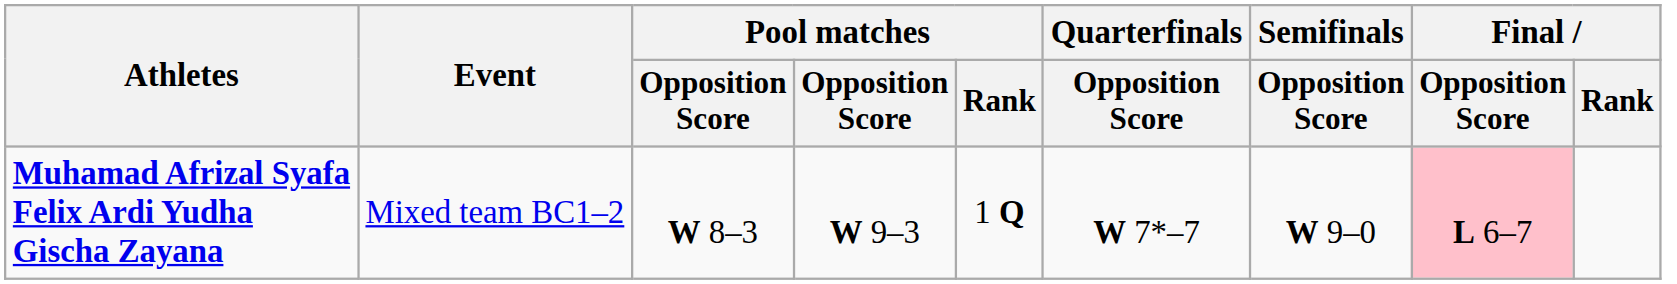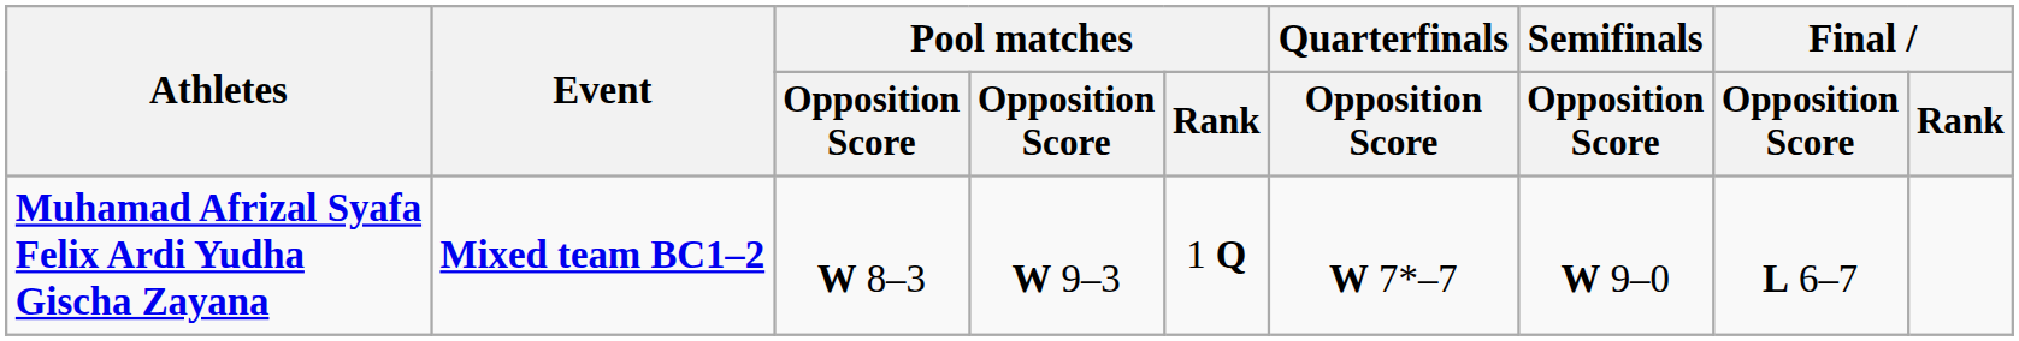 <table class=wikitable style="font-size:90%">
 <tr>
 <th rowspan="2">Athletes</th>
 <th rowspan="2">Event</th>
 <th colspan="3">Pool matches</th>
 <th>Quarterfinals</th>
 <th>Semifinals</th>
 <th colspan=2>Final / </th>
 </tr>
 <tr style="font-size:95%">
 <th>Opposition<br>Score</th>
 <th>Opposition<br>Score</th>
 <th>Rank</th>
 <th>Opposition<br>Score</th>
 <th>Opposition<br>Score</th>
 <th>Opposition<br>Score</th>
 <th>Rank</th>
 </tr>
 <tr align=center>
 <td align=left><strong><a href='#'>Muhamad Afrizal Syafa</a> <br><a href='#'>Felix Ardi Yudha</a> <br> <a href='#'>Gischa Zayana</a></strong></td>
-<td align=left><a href='#'>Mixed team BC1–2</a></td>
+<td align=left><strong><a href='#'>Mixed team BC1–2</a></strong></td>
 <td><br><strong>W</strong> 8–3</td>
 <td><br><strong>W</strong> 9–3</td>
 <td>1 <strong>Q</strong></td>
 <td><br><strong>W</strong> 7*–7</td>
 <td><br><strong>W</strong> 9–0</td>
-<td style="background: pink;"><br><strong>L</strong> 6–7</td>
+<td><br><strong>L</strong> 6–7</td>
 <td></td>
 </tr>
 </table>
